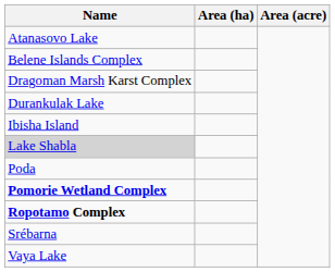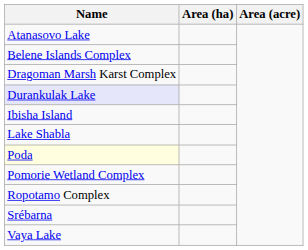 <table class="wikitable">
 <tr>
 <th scope="col" align=left>Name</th>
 <th scope="col">Area (ha)</th>
 <th scope="col">Area (acre)</th>
 </tr>
 <tr ---->
 <td><a href='#'>Atanasovo Lake</a></td>
 <td></td>
 </tr>
 <tr ---->
 <td><a href='#'>Belene Islands Complex</a></td>
 <td></td>
 </tr>
 <tr ---->
 <td><a href='#'>Dragoman Marsh</a> Karst Complex</td>
 <td></td>
 </tr>
 <tr ---->
-<td><a href='#'>Durankulak Lake</a></td>
+<td style="background: lavender;"><a href='#'>Durankulak Lake</a></td>
 <td></td>
 </tr>
 <tr ---->
 <td><a href='#'>Ibisha Island</a></td>
 <td></td>
 </tr>
 <tr ---->
-<td style="background: lightgrey;"><a href='#'>Lake Shabla</a></td>
+<td><a href='#'>Lake Shabla</a></td>
 <td></td>
 </tr>
 <tr ---->
-<td><a href='#'>Poda</a></td>
+<td style="background: lightyellow;"><a href='#'>Poda</a></td>
 <td></td>
 </tr>
 <tr ---->
-<td><strong><a href='#'>Pomorie Wetland Complex</a></strong></td>
+<td><a href='#'>Pomorie Wetland Complex</a></td>
 <td></td>
 </tr>
 <tr ---->
-<td><strong><a href='#'>Ropotamo</a> Complex</strong></td>
+<td><a href='#'>Ropotamo</a> Complex</td>
 <td></td>
 </tr>
 <tr ---->
 <td><a href='#'>Srébarna</a></td>
 <td></td>
 </tr>
 <tr ---->
 <td><a href='#'>Vaya Lake</a></td>
 <td></td>
 </tr>
 </table>
